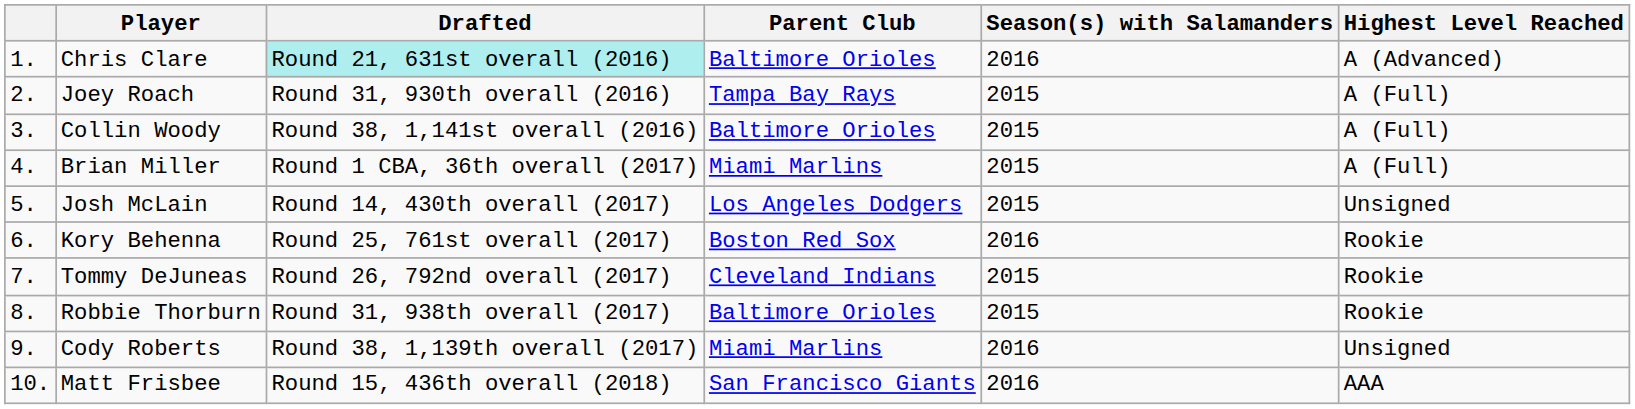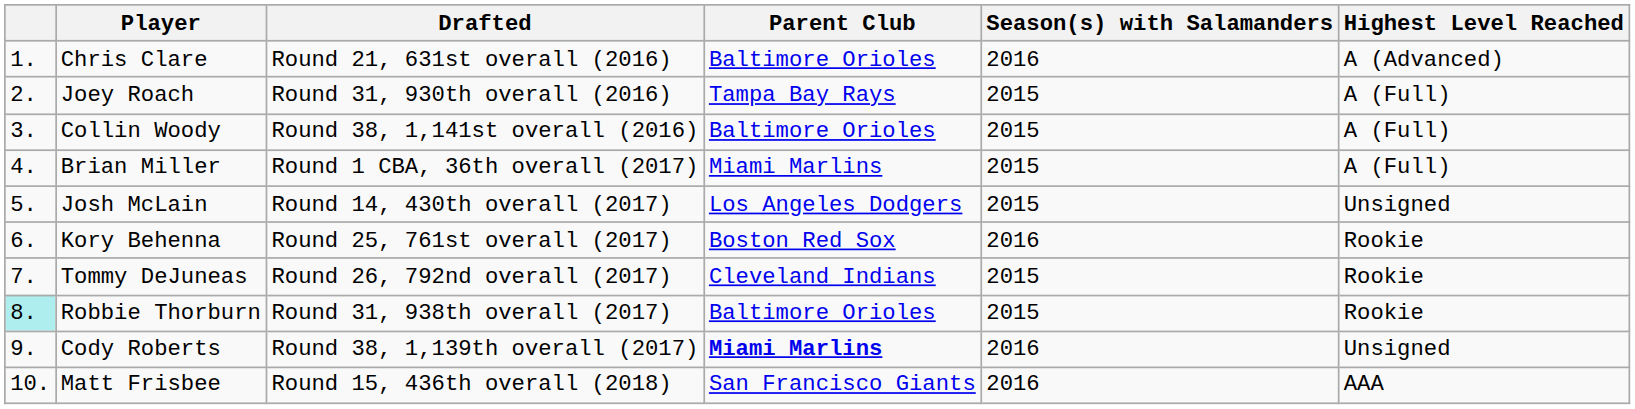 <table class="wikitable">
 <tr>
 <th></th>
 <th>Player</th>
 <th>Drafted</th>
 <th>Parent Club</th>
 <th>Season(s) with Salamanders</th>
 <th>Highest Level Reached</th>
 </tr>
 <tr>
 <td>1.</td>
 <td>Chris Clare</td>
-<td style="background: paleturquoise;">Round 21, 631st overall (2016)</td>
+<td>Round 21, 631st overall (2016)</td>
 <td><a href='#'>Baltimore Orioles</a></td>
 <td>2016</td>
 <td>A (Advanced)</td>
 </tr>
 <tr>
 <td>2.</td>
 <td>Joey Roach</td>
 <td>Round 31, 930th overall (2016)</td>
 <td><a href='#'>Tampa Bay Rays</a></td>
 <td>2015</td>
 <td>A (Full)</td>
 </tr>
 <tr>
 <td>3.</td>
 <td>Collin Woody</td>
 <td>Round 38, 1,141st overall (2016)</td>
 <td><a href='#'>Baltimore Orioles</a></td>
 <td>2015</td>
 <td>A (Full)</td>
 </tr>
 <tr>
 <td>4.</td>
 <td>Brian Miller</td>
 <td>Round 1 CBA, 36th overall (2017)</td>
 <td><a href='#'>Miami Marlins</a></td>
 <td>2015</td>
 <td>A (Full)</td>
 </tr>
 <tr>
 <td>5.</td>
 <td>Josh McLain</td>
 <td>Round 14, 430th overall (2017)</td>
 <td><a href='#'>Los Angeles Dodgers</a></td>
 <td>2015</td>
 <td>Unsigned</td>
 </tr>
 <tr>
 <td>6.</td>
 <td>Kory Behenna</td>
 <td>Round 25, 761st overall (2017)</td>
 <td><a href='#'>Boston Red Sox</a></td>
 <td>2016</td>
 <td>Rookie</td>
 </tr>
 <tr>
 <td>7.</td>
 <td>Tommy DeJuneas</td>
 <td>Round 26, 792nd overall (2017)</td>
 <td><a href='#'>Cleveland Indians</a></td>
 <td>2015</td>
 <td>Rookie</td>
 </tr>
 <tr>
-<td>8.</td>
+<td style="background: paleturquoise;">8.</td>
 <td>Robbie Thorburn</td>
 <td>Round 31, 938th overall (2017)</td>
 <td><a href='#'>Baltimore Orioles</a></td>
 <td>2015</td>
 <td>Rookie</td>
 </tr>
 <tr>
 <td>9.</td>
 <td>Cody Roberts</td>
 <td>Round 38, 1,139th overall (2017)</td>
-<td><a href='#'>Miami Marlins</a></td>
+<td><strong><a href='#'>Miami Marlins</a></strong></td>
 <td>2016</td>
 <td>Unsigned</td>
 </tr>
 <tr>
 <td>10.</td>
 <td>Matt Frisbee</td>
 <td>Round 15, 436th overall (2018)</td>
 <td><a href='#'>San Francisco Giants</a></td>
 <td>2016</td>
 <td>AAA</td>
 </tr>
 </table>
